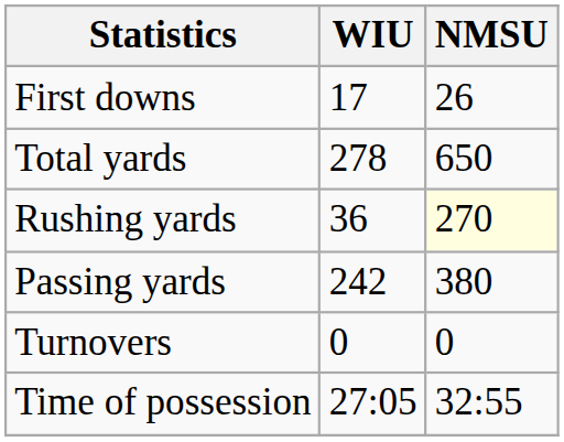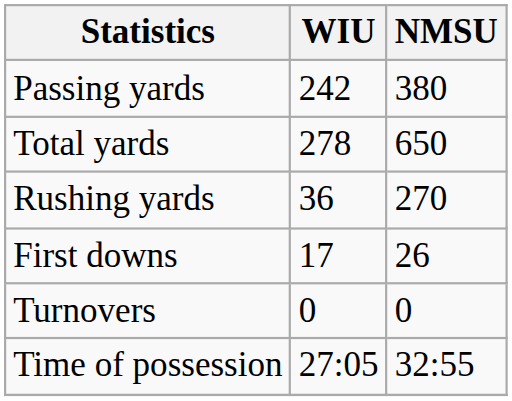 <table class="wikitable" style="float: left;">
 <tr>
 <th>Statistics</th>
 <th>WIU</th>
 <th>NMSU</th>
 </tr>
 <tr>
-<td>First downs</td>
-<td>17</td>
-<td>26</td>
+<td>Passing yards</td>
+<td>242</td>
+<td>380</td>
 </tr>
 <tr>
 <td>Total yards</td>
 <td>278</td>
 <td>650</td>
 </tr>
 <tr>
 <td>Rushing yards</td>
 <td>36</td>
-<td style="background: lightyellow;">270</td>
+<td>270</td>
 </tr>
 <tr>
-<td>Passing yards</td>
-<td>242</td>
-<td>380</td>
+<td>First downs</td>
+<td>17</td>
+<td>26</td>
 </tr>
 <tr>
 <td>Turnovers</td>
 <td>0</td>
 <td>0</td>
 </tr>
 <tr>
 <td>Time of possession</td>
 <td>27:05</td>
 <td>32:55</td>
 </tr>
 <tr>
 </tr>
 </table>
